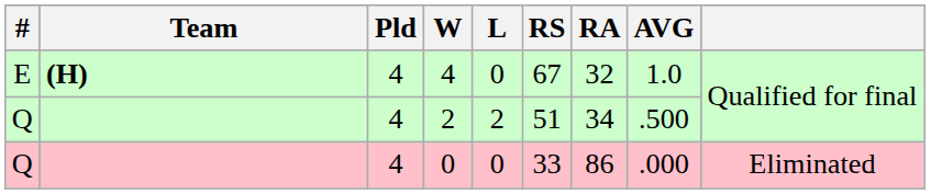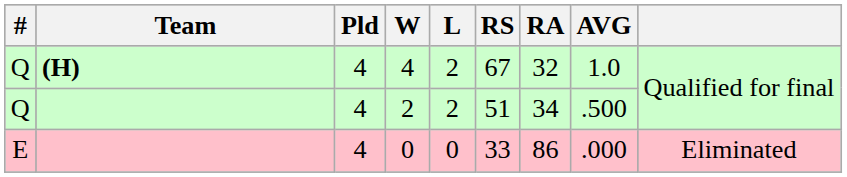 <table class="wikitable" style="text-align:center;">
 <tr>
 <th>#</th>
 <th width="175">Team</th>
 <th width="20" abbr="Played">Pld</th>
 <th width="20" abbr="Won">W</th>
 <th width="20" abbr="Lost">L</th>
 <th width="20" abbr="Runs scored">RS</th>
 <th width="20" abbr="Runs against">RA</th>
 <th width="30" abbr="Average">AVG</th>
 <th></th>
 </tr>
 <tr style="background:#ccffcc">
-<td>E</td>
+<td>Q</td>
 <td align="left"> <strong>(H)</strong></td>
 <td>4</td>
 <td>4</td>
-<td>0</td>
+<td>2</td>
 <td>67</td>
 <td>32</td>
 <td>1.0</td>
 <td rowspan="2">Qualified for final</td>
 </tr>
 <tr style="background:#ccffcc">
 <td>Q</td>
 <td align="left"></td>
 <td>4</td>
 <td>2</td>
 <td>2</td>
 <td>51</td>
 <td>34</td>
 <td>.500</td>
 </tr>
 <tr style="background:#FFC0CB">
-<td>Q</td>
+<td>E</td>
 <td align="left"></td>
 <td>4</td>
 <td>0</td>
 <td>0</td>
 <td>33</td>
 <td>86</td>
 <td>.000</td>
 <td rowspan="2">Eliminated</td>
 </tr>
 </table>
